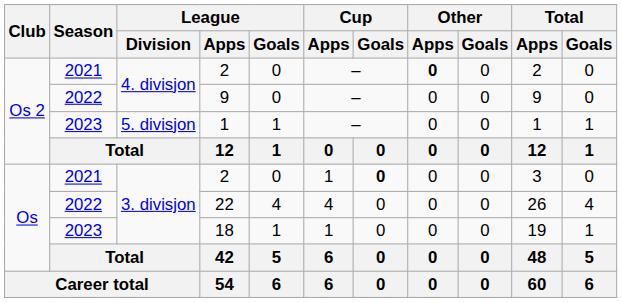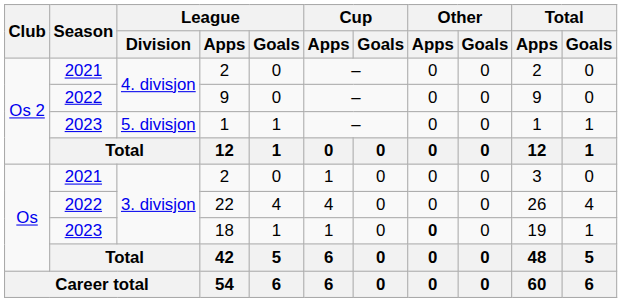 <table class=wikitable style=text-align:center>
 <tr>
 <th rowspan="2">Club</th>
 <th rowspan="2">Season</th>
 <th colspan="3">League</th>
 <th colspan="2">Cup</th>
 <th colspan="2">Other</th>
 <th colspan="2">Total</th>
 </tr>
 <tr>
 <th>Division</th>
 <th>Apps</th>
 <th>Goals</th>
 <th>Apps</th>
 <th>Goals</th>
 <th>Apps</th>
 <th>Goals</th>
 <th>Apps</th>
 <th>Goals</th>
 </tr>
 <tr>
 <td rowspan="4"><a href='#'>Os 2</a></td>
 <td><a href='#'>2021</a></td>
 <td rowspan="2"><a href='#'>4. divisjon</a></td>
 <td>2</td>
 <td>0</td>
 <td colspan="2">–</td>
-<td><strong>0</strong></td>
+<td>0</td>
 <td>0</td>
 <td>2</td>
 <td>0</td>
 </tr>
 <tr>
 <td><a href='#'>2022</a></td>
 <td>9</td>
 <td>0</td>
 <td colspan="2">–</td>
 <td>0</td>
 <td>0</td>
 <td>9</td>
 <td>0</td>
 </tr>
 <tr>
 <td><a href='#'>2023</a></td>
 <td><a href='#'>5. divisjon</a></td>
 <td>1</td>
 <td>1</td>
 <td colspan="2">–</td>
 <td>0</td>
 <td>0</td>
 <td>1</td>
 <td>1</td>
 </tr>
 <tr>
 <th colspan="2"><strong>Total</strong></th>
 <th>12</th>
 <th>1</th>
 <th>0</th>
 <th>0</th>
 <th>0</th>
 <th>0</th>
 <th>12</th>
 <th>1</th>
 </tr>
 <tr>
 <td rowspan="4"><a href='#'>Os</a></td>
 <td><a href='#'>2021</a></td>
 <td rowspan="3"><a href='#'>3. divisjon</a></td>
 <td>2</td>
 <td>0</td>
 <td>1</td>
-<td><strong>0</strong></td>
+<td>0</td>
 <td>0</td>
 <td>0</td>
 <td>3</td>
 <td>0</td>
 </tr>
 <tr>
 <td><a href='#'>2022</a></td>
 <td>22</td>
 <td>4</td>
 <td>4</td>
 <td>0</td>
 <td>0</td>
 <td>0</td>
 <td>26</td>
 <td>4</td>
 </tr>
 <tr>
 <td><a href='#'>2023</a></td>
 <td>18</td>
 <td>1</td>
 <td>1</td>
 <td>0</td>
-<td>0</td>
+<td><strong>0</strong></td>
 <td>0</td>
 <td>19</td>
 <td>1</td>
 </tr>
 <tr>
 <th colspan="2"><strong>Total</strong></th>
 <th>42</th>
 <th>5</th>
 <th>6</th>
 <th>0</th>
 <th>0</th>
 <th>0</th>
 <th>48</th>
 <th>5</th>
 </tr>
 <tr>
 <th colspan="3"><strong>Career total</strong></th>
 <th>54</th>
 <th>6</th>
 <th>6</th>
 <th>0</th>
 <th>0</th>
 <th>0</th>
 <th>60</th>
 <th>6</th>
 </tr>
 </table>
